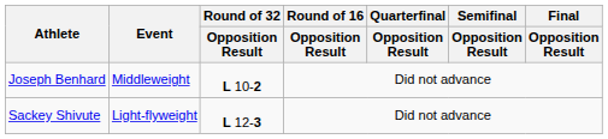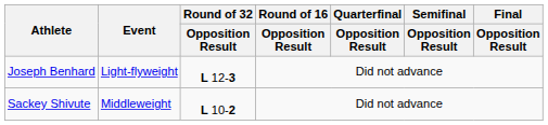 <table class=wikitable style=font-size:90%>
 <tr>
 <th rowspan=2>Athlete</th>
 <th rowspan=2>Event</th>
 <th>Round of 32</th>
 <th>Round of 16</th>
 <th>Quarterfinal</th>
 <th>Semifinal</th>
 <th>Final</th>
 </tr>
 <tr>
 <th>Opposition<br>Result</th>
 <th>Opposition<br>Result</th>
 <th>Opposition<br>Result</th>
 <th>Opposition<br>Result</th>
 <th>Opposition<br>Result</th>
 </tr>
 <tr>
 <td><a href='#'>Joseph Benhard</a></td>
+<td><a href='#'>Light-flyweight</a></td>
+<td align=center><br><strong>L</strong> 12-<strong>3</strong></td>
+<td colspan=4 align=center>Did not advance</td>
+</tr>
+<tr>
+<td><a href='#'>Sackey Shivute</a></td>
 <td><a href='#'>Middleweight</a></td>
 <td align=center><br><strong>L</strong> 10-<strong>2</strong></td>
 <td colspan=4 align=center>Did not advance</td>
 </tr>
-<tr>
-<td><a href='#'>Sackey Shivute</a></td>
-<td><a href='#'>Light-flyweight</a></td>
-<td align=center><br><strong>L</strong> 12-<strong>3</strong></td>
-<td colspan=4 align=center>Did not advance</td>
-</tr>
 </table>
